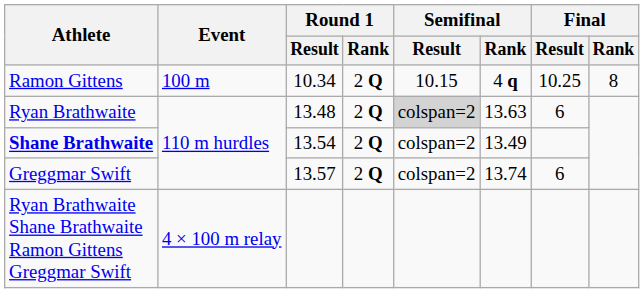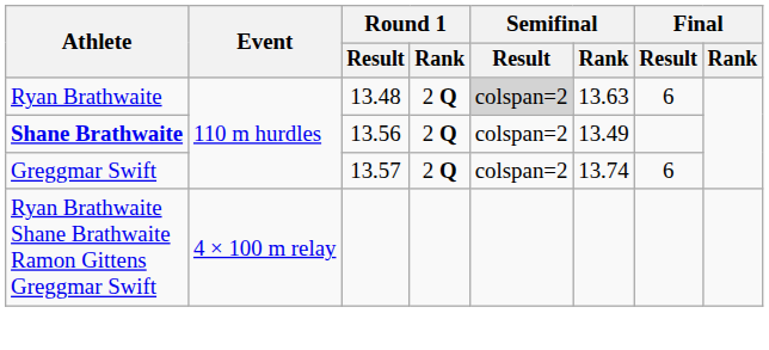 <table class=wikitable style="font-size:90%">
 <tr>
 <th rowspan="2">Athlete</th>
 <th rowspan="2">Event</th>
 <th colspan="2">Round 1</th>
 <th colspan="2">Semifinal</th>
 <th colspan="2">Final</th>
 </tr>
 <tr style="font-size:95%">
 <th>Result</th>
 <th>Rank</th>
 <th>Result</th>
 <th>Rank</th>
 <th>Result</th>
 <th>Rank</th>
 </tr>
 <tr align=center>
-<td align=left><a href='#'>Ramon Gittens</a></td>
-<td align=left><a href='#'>100 m</a></td>
-<td>10.34</td>
-<td>2 <strong>Q</strong></td>
-<td>10.15</td>
-<td>4 <strong>q</strong></td>
-<td>10.25</td>
-<td>8</td>
-</tr>
-<tr align=center>
 <td align=left><a href='#'>Ryan Brathwaite</a></td>
 <td align=left rowspan=3><a href='#'>110 m hurdles</a></td>
 <td>13.48</td>
 <td>2 <strong>Q</strong></td>
 <td style="background: lightgrey;">colspan=2 </td>
 <td>13.63</td>
 <td>6</td>
 </tr>
 <tr align=center>
 <td align=left><strong><a href='#'>Shane Brathwaite</a></strong></td>
-<td>13.54</td>
+<td>13.56</td>
 <td>2 <strong>Q</strong></td>
 <td>colspan=2 </td>
 <td>13.49</td>
 <td></td>
 </tr>
 <tr align=center>
 <td align=left><a href='#'>Greggmar Swift</a></td>
 <td>13.57</td>
 <td>2 <strong>Q</strong></td>
 <td>colspan=2 </td>
 <td>13.74</td>
 <td>6</td>
 </tr>
 <tr align=center>
 <td align=left><a href='#'>Ryan Brathwaite</a><br><a href='#'>Shane Brathwaite</a><br><a href='#'>Ramon Gittens</a><br><a href='#'>Greggmar Swift</a></td>
 <td align=left><a href='#'>4 × 100 m relay</a></td>
 <td></td>
 <td></td>
 <td></td>
 <td></td>
 <td></td>
 <td></td>
 </tr>
 </table>
